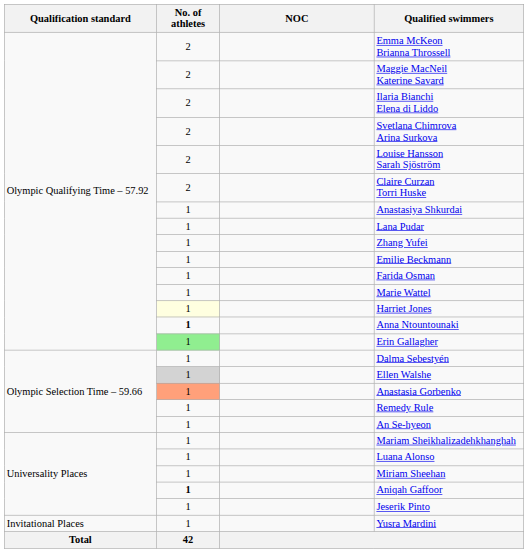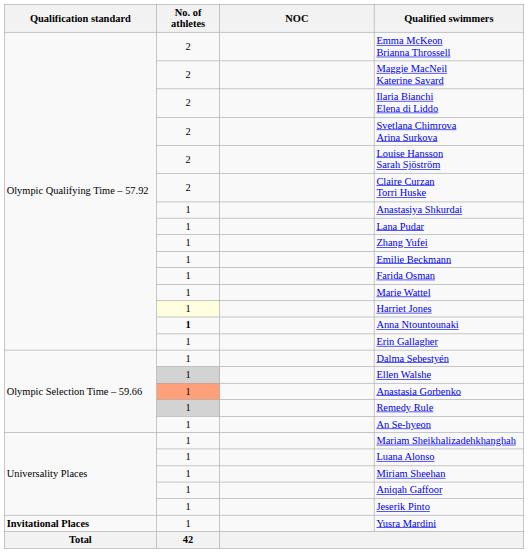 <table class=wikitable style="text-align:left" width=800>
 <tr>
 <th>Qualification standard</th>
 <th width=90>No. of athletes</th>
 <th width=230>NOC</th>
 <th>Qualified swimmers</th>
 </tr>
 <tr>
 <td rowspan=15>Olympic Qualifying Time – 57.92</td>
 <td align=center>2</td>
 <td></td>
 <td><a href='#'>Emma McKeon</a><br><a href='#'>Brianna Throssell</a></td>
 </tr>
 <tr>
 <td align=center>2</td>
 <td></td>
 <td><a href='#'>Maggie MacNeil</a><br><a href='#'>Katerine Savard</a></td>
 </tr>
 <tr>
 <td align=center>2</td>
 <td></td>
 <td><a href='#'>Ilaria Bianchi</a><br><a href='#'>Elena di Liddo</a></td>
 </tr>
 <tr>
 <td align=center>2</td>
 <td></td>
 <td><a href='#'>Svetlana Chimrova</a><br><a href='#'>Arina Surkova</a></td>
 </tr>
 <tr>
 <td align=center>2</td>
 <td></td>
 <td><a href='#'>Louise Hansson</a><br><a href='#'>Sarah Sjöström</a></td>
 </tr>
 <tr>
 <td align=center>2</td>
 <td></td>
 <td><a href='#'>Claire Curzan</a><br><a href='#'>Torri Huske</a></td>
 </tr>
 <tr>
 <td align=center>1</td>
 <td></td>
 <td><a href='#'>Anastasiya Shkurdai</a></td>
 </tr>
 <tr>
 <td align=center>1</td>
 <td></td>
 <td><a href='#'>Lana Pudar</a></td>
 </tr>
 <tr>
 <td align=center>1</td>
 <td></td>
 <td><a href='#'>Zhang Yufei</a></td>
 </tr>
 <tr>
 <td align=center>1</td>
 <td></td>
 <td><a href='#'>Emilie Beckmann</a></td>
 </tr>
 <tr>
 <td align=center>1</td>
 <td></td>
 <td><a href='#'>Farida Osman</a></td>
 </tr>
 <tr>
 <td align=center>1</td>
 <td></td>
 <td><a href='#'>Marie Wattel</a></td>
 </tr>
 <tr>
 <td align=center style="background: lightyellow;">1</td>
 <td></td>
 <td><a href='#'>Harriet Jones</a></td>
 </tr>
 <tr>
 <td align=center><strong>1</strong></td>
 <td></td>
 <td><a href='#'>Anna Ntountounaki</a></td>
 </tr>
 <tr>
-<td align=center style="background: lightgreen;">1</td>
+<td align=center>1</td>
 <td></td>
 <td><a href='#'>Erin Gallagher</a></td>
 </tr>
 <tr>
 <td rowspan=5>Olympic Selection Time – 59.66</td>
 <td align=center>1</td>
 <td></td>
 <td><a href='#'>Dalma Sebestyén</a></td>
 </tr>
 <tr>
 <td align=center style="background: lightgrey;">1</td>
 <td></td>
 <td><a href='#'>Ellen Walshe</a></td>
 </tr>
 <tr>
 <td align=center style="background: lightsalmon;">1</td>
 <td></td>
 <td><a href='#'>Anastasia Gorbenko</a></td>
 </tr>
 <tr>
-<td align=center>1</td>
+<td align=center style="background: lightgrey;">1</td>
 <td></td>
 <td><a href='#'>Remedy Rule</a></td>
 </tr>
 <tr>
 <td align=center>1</td>
 <td></td>
 <td><a href='#'>An Se-hyeon</a></td>
 </tr>
 <tr>
 <td rowspan=5>Universality Places</td>
 <td align=center>1</td>
 <td></td>
 <td><a href='#'>Mariam Sheikhalizadehkhanghah</a></td>
 </tr>
 <tr>
 <td align=center>1</td>
 <td></td>
 <td><a href='#'>Luana Alonso</a></td>
 </tr>
 <tr>
 <td align=center>1</td>
 <td></td>
 <td><a href='#'>Miriam Sheehan</a></td>
 </tr>
 <tr>
-<td align=center><strong>1</strong></td>
+<td align=center>1</td>
 <td></td>
 <td><a href='#'>Aniqah Gaffoor</a></td>
 </tr>
 <tr>
 <td align=center>1</td>
 <td></td>
 <td><a href='#'>Jeserik Pinto</a></td>
 </tr>
 <tr>
-<td>Invitational Places</td>
+<td><strong>Invitational Places</strong></td>
 <td align=center>1</td>
 <td></td>
 <td><a href='#'>Yusra Mardini</a></td>
 </tr>
 <tr>
 <th><strong>Total</strong></th>
 <th>42</th>
 <th colspan=2></th>
 </tr>
 </table>
